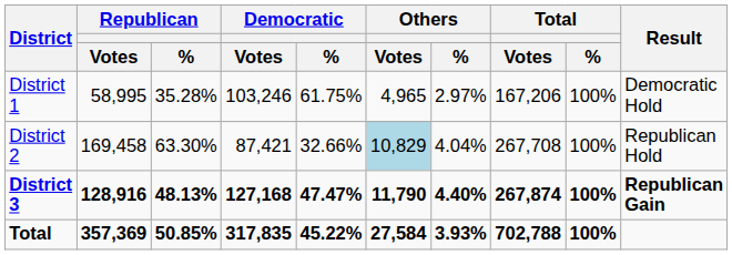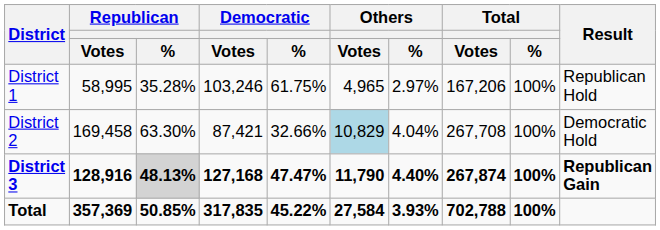 <table class="wikitable plainrowheaders sortable" style="font-size:100%; text-align:right;">
 <tr>
 <th scope=col rowspan=3><a href='#'>District</a></th>
 <th scope=col colspan=2><a href='#'>Republican</a></th>
 <th scope=col colspan=2><a href='#'>Democratic</a></th>
 <th scope=col colspan=2>Others</th>
 <th scope=col colspan=2>Total</th>
 <th scope=col rowspan=3>Result</th>
 </tr>
 <tr>
 <th scope=col colspan=2 style="background:"></th>
 <th scope=col colspan=2 style="background:"></th>
 <th scope=col colspan=2></th>
 <th scope=col colspan=2></th>
 </tr>
 <tr>
 <th scope=col data-sort-type="number">Votes</th>
 <th scope=col data-sort-type="number">%</th>
 <th scope=col data-sort-type="number">Votes</th>
 <th scope=col data-sort-type="number">%</th>
 <th scope=col data-sort-type="number">Votes</th>
 <th scope=col data-sort-type="number">%</th>
 <th scope=col data-sort-type="number">Votes</th>
 <th scope=col data-sort-type="number">%</th>
 </tr>
 <tr>
 <td align=left><a href='#'>District 1</a></td>
 <td>58,995</td>
 <td>35.28%</td>
 <td>103,246</td>
 <td>61.75%</td>
 <td>4,965</td>
 <td>2.97%</td>
 <td>167,206</td>
 <td>100%</td>
-<td align=left>Democratic Hold</td>
+<td align=left>Republican Hold</td>
 </tr>
 <tr>
 <td align=left><a href='#'>District 2</a></td>
 <td>169,458</td>
 <td>63.30%</td>
 <td>87,421</td>
 <td>32.66%</td>
 <td style="background: lightblue;">10,829</td>
 <td>4.04%</td>
 <td>267,708</td>
 <td>100%</td>
-<td align=left>Republican Hold</td>
+<td align=left>Democratic Hold</td>
 </tr>
 <tr>
 <td align=left><strong><a href='#'>District 3</a></strong></td>
 <td><strong>128,916</strong></td>
-<td><strong>48.13%</strong></td>
+<td style="background: lightgrey;"><strong>48.13%</strong></td>
 <td><strong>127,168</strong></td>
 <td><strong>47.47%</strong></td>
 <td><strong>11,790</strong></td>
 <td><strong>4.40%</strong></td>
 <td><strong>267,874</strong></td>
 <td><strong>100%</strong></td>
 <td align=left><strong>Republican Gain</strong></td>
 </tr>
 <tr class="sortbottom" style="font-weight:bold">
 <td align=left>Total</td>
 <td>357,369</td>
 <td>50.85%</td>
 <td>317,835</td>
 <td>45.22%</td>
 <td>27,584</td>
 <td>3.93%</td>
 <td>702,788</td>
 <td>100%</td>
 <td></td>
 </tr>
 </table>
